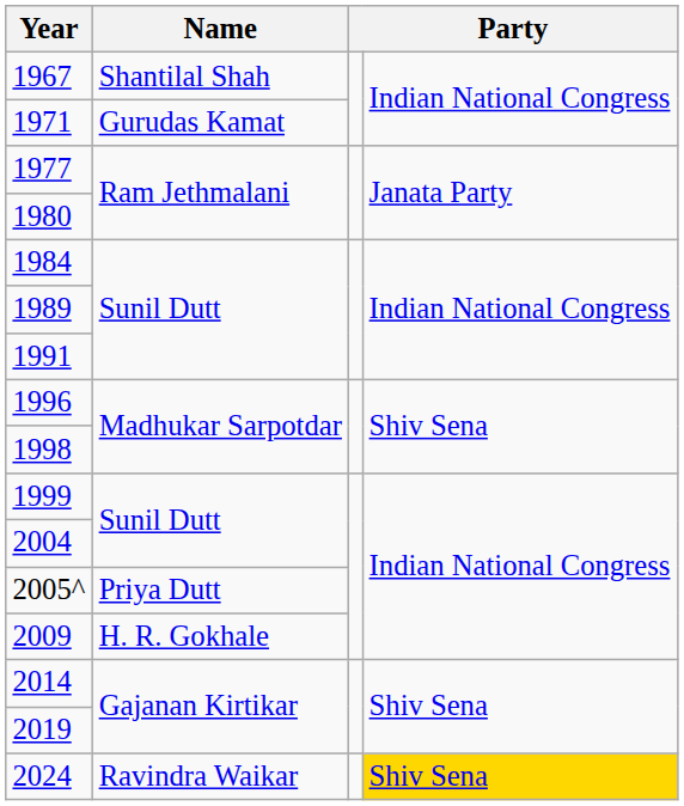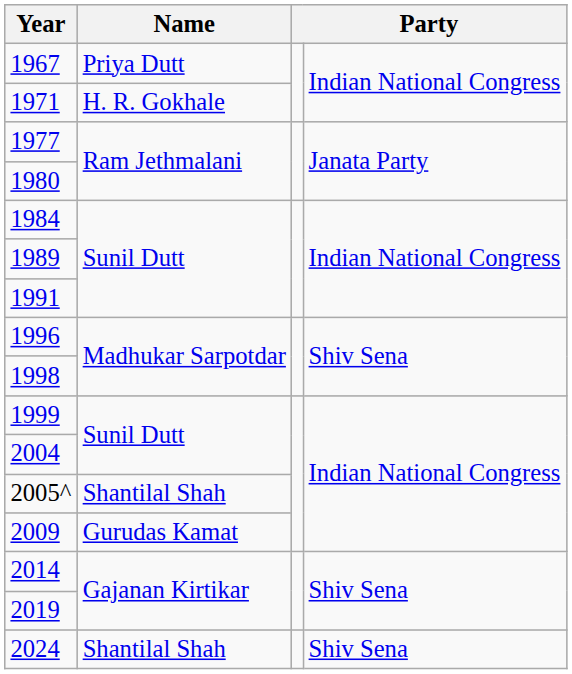 <table class="wikitable">
 <tr>
 <th>Year</th>
 <th>Name</th>
 <th colspan="2">Party</th>
 </tr>
 <tr>
 <td><a href='#'>1967</a></td>
-<td><a href='#'>Shantilal Shah</a></td>
+<td><a href='#'>Priya Dutt</a></td>
 <td rowspan="2" style="background-color: "></td>
 <td rowspan="2"><a href='#'>Indian National Congress</a></td>
 </tr>
 <tr>
 <td><a href='#'>1971</a></td>
-<td><a href='#'>Gurudas Kamat</a></td>
+<td><a href='#'>H. R. Gokhale</a></td>
 </tr>
 <tr>
 <td><a href='#'>1977</a></td>
 <td rowspan="2"><a href='#'>Ram Jethmalani</a></td>
 <td rowspan="2" style="background-color: "></td>
 <td rowspan="2"><a href='#'>Janata Party</a></td>
 </tr>
 <tr>
 <td><a href='#'>1980</a></td>
 </tr>
 <tr>
 <td><a href='#'>1984</a></td>
 <td rowspan="3"><a href='#'>Sunil Dutt</a></td>
 <td rowspan="3" style="background-color: "></td>
 <td rowspan="3"><a href='#'>Indian National Congress</a></td>
 </tr>
 <tr>
 <td><a href='#'>1989</a></td>
 </tr>
 <tr>
 <td><a href='#'>1991</a></td>
 </tr>
 <tr>
 <td><a href='#'>1996</a></td>
 <td rowspan="2"><a href='#'>Madhukar Sarpotdar</a></td>
 <td rowspan="2" style="background-color: "></td>
 <td rowspan="2"><a href='#'>Shiv Sena</a></td>
 </tr>
 <tr>
 <td><a href='#'>1998</a></td>
 </tr>
 <tr>
 <td><a href='#'>1999</a></td>
 <td rowspan="2"><a href='#'>Sunil Dutt</a></td>
 <td rowspan="4" style="background-color: "></td>
 <td rowspan="4"><a href='#'>Indian National Congress</a></td>
 </tr>
 <tr>
 <td><a href='#'>2004</a></td>
 </tr>
 <tr>
 <td>2005^</td>
-<td><a href='#'>Priya Dutt</a></td>
+<td><a href='#'>Shantilal Shah</a></td>
 </tr>
 <tr>
 <td><a href='#'>2009</a></td>
-<td><a href='#'>H. R. Gokhale</a></td>
+<td><a href='#'>Gurudas Kamat</a></td>
 </tr>
 <tr>
 <td><a href='#'>2014</a></td>
 <td rowspan="2"><a href='#'>Gajanan Kirtikar</a></td>
 <td rowspan="2" style="background-color: "></td>
 <td rowspan="2"><a href='#'>Shiv Sena</a></td>
 </tr>
 <tr>
 <td><a href='#'>2019</a></td>
 </tr>
 <tr>
 <td><a href='#'>2024</a></td>
-<td><a href='#'>Ravindra Waikar</a></td>
+<td><a href='#'>Shantilal Shah</a></td>
 <td rowspan="1" style="background-color: "></td>
-<td rowspan="1" style="background: gold;"><a href='#'>Shiv Sena</a></td>
+<td rowspan="1"><a href='#'>Shiv Sena</a></td>
 </tr>
 </table>
